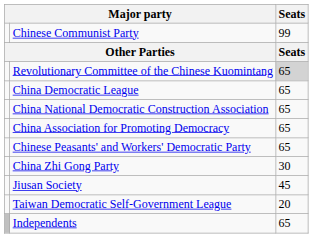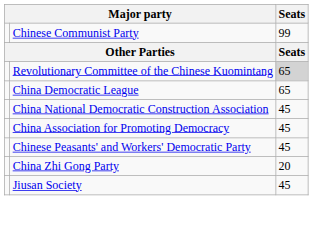 <table class="wikitable">
 <tr>
 <th colspan="2">Major party</th>
 <th>Seats</th>
 </tr>
 <tr>
 <td style="background: "></td>
 <td><a href='#'>Chinese Communist Party</a></td>
 <td>99</td>
 </tr>
 <tr>
 <th colspan="2">Other Parties</th>
 <th>Seats</th>
 </tr>
 <tr>
 <td style="background: "></td>
 <td><a href='#'>Revolutionary Committee of the Chinese Kuomintang</a></td>
 <td style="background: lightgrey;">65</td>
 </tr>
 <tr>
 <td style="background: "></td>
 <td><a href='#'>China Democratic League</a></td>
 <td>65</td>
 </tr>
 <tr>
 <td style="background: "></td>
 <td><a href='#'>China National Democratic Construction Association</a></td>
-<td>65</td>
+<td>45</td>
 </tr>
 <tr>
 <td style="background: "></td>
 <td><a href='#'>China Association for Promoting Democracy</a></td>
-<td>65</td>
+<td>45</td>
 </tr>
 <tr>
 <td style="background: "></td>
 <td><a href='#'>Chinese Peasants' and Workers' Democratic Party</a></td>
-<td>65</td>
+<td>45</td>
 </tr>
 <tr>
 <td style="background: "></td>
 <td><a href='#'>China Zhi Gong Party</a></td>
-<td>30</td>
+<td>20</td>
 </tr>
 <tr>
 <td style="background: "></td>
 <td><a href='#'>Jiusan Society</a></td>
 <td>45</td>
 </tr>
-<tr>
-<td style="background: "></td>
-<td><a href='#'>Taiwan Democratic Self-Government League</a></td>
-<td>20</td>
-</tr>
-<tr>
-<td style="background: #C0C0C0"></td>
-<td><a href='#'>Independents</a></td>
-<td>65</td>
-</tr>
 </table>
